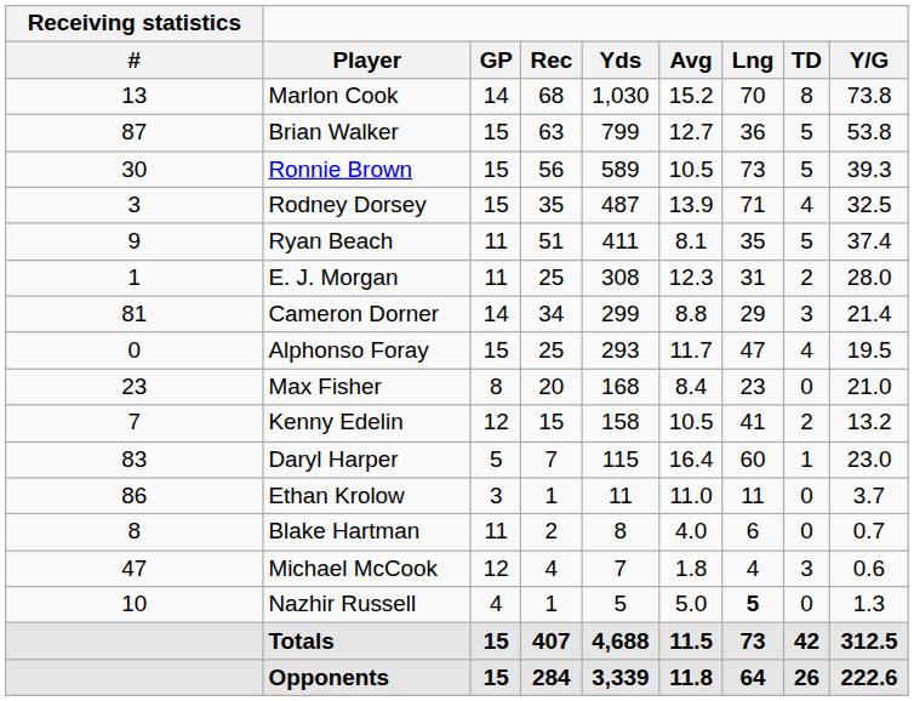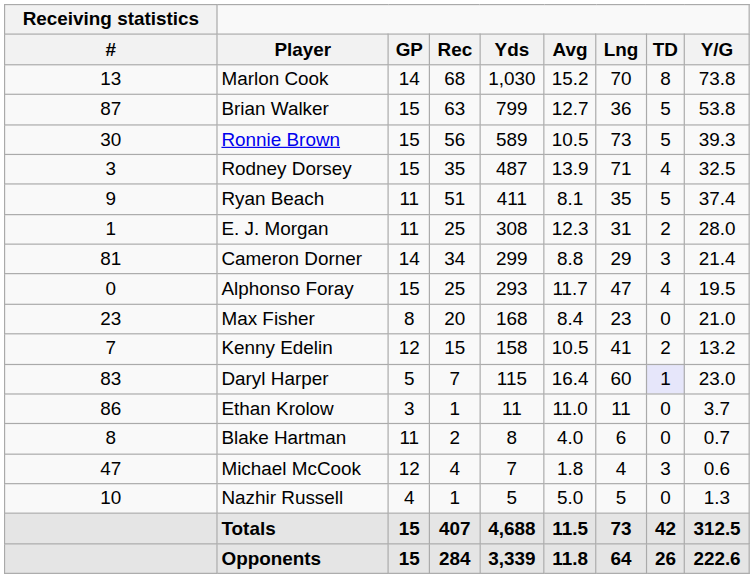 <table style="text-align:center; width:50%;" class="wikitable collapsible collapsed">
 <tr>
 <th style="text-align:center; ">Receiving statistics</th>
 </tr>
 <tr>
 <th>#</th>
 <th>Player</th>
 <th>GP</th>
 <th>Rec</th>
 <th>Yds</th>
 <th>Avg</th>
 <th>Lng</th>
 <th>TD</th>
 <th>Y/G</th>
 </tr>
 <tr>
 <td>13</td>
 <td align="left">Marlon Cook</td>
 <td>14</td>
 <td>68</td>
 <td>1,030</td>
 <td>15.2</td>
 <td>70</td>
 <td>8</td>
 <td>73.8</td>
 </tr>
 <tr>
 <td>87</td>
 <td align="left">Brian Walker</td>
 <td>15</td>
 <td>63</td>
 <td>799</td>
 <td>12.7</td>
 <td>36</td>
 <td>5</td>
 <td>53.8</td>
 </tr>
 <tr>
 <td>30</td>
 <td align="left"><a href='#'>Ronnie Brown</a></td>
 <td>15</td>
 <td>56</td>
 <td>589</td>
 <td>10.5</td>
 <td>73</td>
 <td>5</td>
 <td>39.3</td>
 </tr>
 <tr>
 <td>3</td>
 <td align="left">Rodney Dorsey</td>
 <td>15</td>
 <td>35</td>
 <td>487</td>
 <td>13.9</td>
 <td>71</td>
 <td>4</td>
 <td>32.5</td>
 </tr>
 <tr>
 <td>9</td>
 <td align="left">Ryan Beach</td>
 <td>11</td>
 <td>51</td>
 <td>411</td>
 <td>8.1</td>
 <td>35</td>
 <td>5</td>
 <td>37.4</td>
 </tr>
 <tr>
 <td>1</td>
 <td align="left">E. J. Morgan</td>
 <td>11</td>
 <td>25</td>
 <td>308</td>
 <td>12.3</td>
 <td>31</td>
 <td>2</td>
 <td>28.0</td>
 </tr>
 <tr>
 <td>81</td>
 <td align="left">Cameron Dorner</td>
 <td>14</td>
 <td>34</td>
 <td>299</td>
 <td>8.8</td>
 <td>29</td>
 <td>3</td>
 <td>21.4</td>
 </tr>
 <tr>
 <td>0</td>
 <td align="left">Alphonso Foray</td>
 <td>15</td>
 <td>25</td>
 <td>293</td>
 <td>11.7</td>
 <td>47</td>
 <td>4</td>
 <td>19.5</td>
 </tr>
 <tr>
 <td>23</td>
 <td align="left">Max Fisher</td>
 <td>8</td>
 <td>20</td>
 <td>168</td>
 <td>8.4</td>
 <td>23</td>
 <td>0</td>
 <td>21.0</td>
 </tr>
 <tr>
 <td>7</td>
 <td align="left">Kenny Edelin</td>
 <td>12</td>
 <td>15</td>
 <td>158</td>
 <td>10.5</td>
 <td>41</td>
 <td>2</td>
 <td>13.2</td>
 </tr>
 <tr>
 <td>83</td>
 <td align="left">Daryl Harper</td>
 <td>5</td>
 <td>7</td>
 <td>115</td>
 <td>16.4</td>
 <td>60</td>
-<td>1</td>
+<td style="background: lavender;">1</td>
 <td>23.0</td>
 </tr>
 <tr>
 <td>86</td>
 <td align="left">Ethan Krolow</td>
 <td>3</td>
 <td>1</td>
 <td>11</td>
 <td>11.0</td>
 <td>11</td>
 <td>0</td>
 <td>3.7</td>
 </tr>
 <tr>
 <td>8</td>
 <td align="left">Blake Hartman</td>
 <td>11</td>
 <td>2</td>
 <td>8</td>
 <td>4.0</td>
 <td>6</td>
 <td>0</td>
 <td>0.7</td>
 </tr>
 <tr>
 <td>47</td>
 <td align="left">Michael McCook</td>
 <td>12</td>
 <td>4</td>
 <td>7</td>
 <td>1.8</td>
 <td>4</td>
 <td>3</td>
 <td>0.6</td>
 </tr>
 <tr>
 <td>10</td>
 <td align="left">Nazhir Russell</td>
 <td>4</td>
 <td>1</td>
 <td>5</td>
 <td>5.0</td>
-<td><strong>5</strong></td>
+<td>5</td>
 <td>0</td>
 <td>1.3</td>
 </tr>
 <tr style="background:#e5e5e5;">
 <td></td>
 <td align="left"><strong>Totals</strong></td>
 <td><strong>15</strong></td>
 <td><strong>407</strong></td>
 <td><strong>4,688</strong></td>
 <td><strong>11.5</strong></td>
 <td><strong>73</strong></td>
 <td><strong>42</strong></td>
 <td><strong>312.5</strong></td>
 </tr>
 <tr style="background:#e5e5e5;">
 <td></td>
 <td align="left"><strong>Opponents</strong></td>
 <td><strong>15</strong></td>
 <td><strong>284</strong></td>
 <td><strong>3,339</strong></td>
 <td><strong>11.8</strong></td>
 <td><strong>64</strong></td>
 <td><strong>26</strong></td>
 <td><strong>222.6</strong></td>
 </tr>
 </table>
